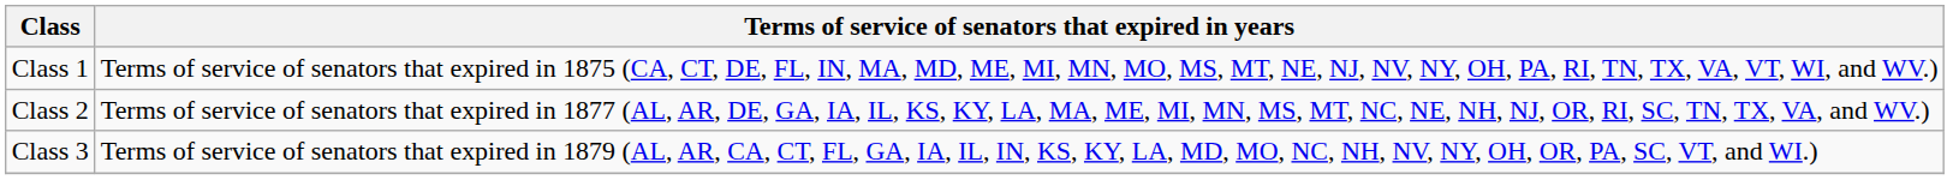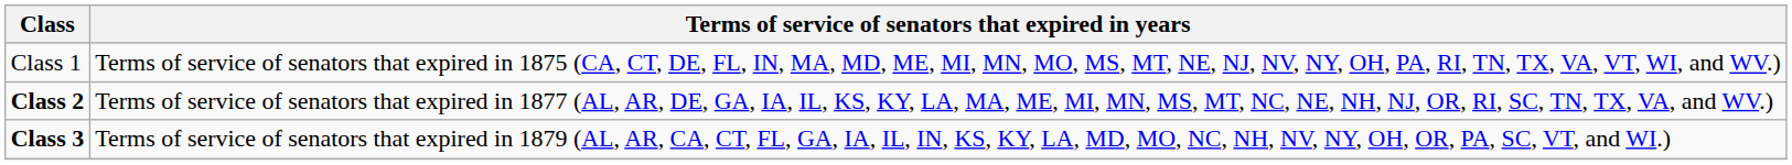 <table class="wikitable sortable">
 <tr valign=bottom>
 <th>Class</th>
 <th>Terms of service of senators that expired in years</th>
 </tr>
 <tr>
 <td>Class 1</td>
 <td>Terms of service of senators that expired in 1875 (<a href='#'>CA</a>, <a href='#'>CT</a>, <a href='#'>DE</a>, <a href='#'>FL</a>, <a href='#'>IN</a>, <a href='#'>MA</a>, <a href='#'>MD</a>, <a href='#'>ME</a>,  <a href='#'>MI</a>, <a href='#'>MN</a>, <a href='#'>MO</a>, <a href='#'>MS</a>, <a href='#'>MT</a>, <a href='#'>NE</a>, <a href='#'>NJ</a>, <a href='#'>NV</a>, <a href='#'>NY</a>, <a href='#'>OH</a>, <a href='#'>PA</a>, <a href='#'>RI</a>, <a href='#'>TN</a>, <a href='#'>TX</a>, <a href='#'>VA</a>, <a href='#'>VT</a>, <a href='#'>WI</a>, and <a href='#'>WV</a>.)</td>
 </tr>
 <tr>
-<td>Class 2</td>
+<td><strong>Class 2</strong></td>
 <td>Terms of service of senators that expired in 1877 (<a href='#'>AL</a>, <a href='#'>AR</a>, <a href='#'>DE</a>, <a href='#'>GA</a>, <a href='#'>IA</a>, <a href='#'>IL</a>, <a href='#'>KS</a>, <a href='#'>KY</a>, <a href='#'>LA</a>, <a href='#'>MA</a>, <a href='#'>ME</a>, <a href='#'>MI</a>, <a href='#'>MN</a>, <a href='#'>MS</a>, <a href='#'>MT</a>, <a href='#'>NC</a>, <a href='#'>NE</a>, <a href='#'>NH</a>, <a href='#'>NJ</a>, <a href='#'>OR</a>, <a href='#'>RI</a>, <a href='#'>SC</a>, <a href='#'>TN</a>, <a href='#'>TX</a>, <a href='#'>VA</a>, and <a href='#'>WV</a>.)</td>
 </tr>
 <tr>
-<td>Class 3</td>
+<td><strong>Class 3</strong></td>
 <td>Terms of service of senators that expired in 1879 (<a href='#'>AL</a>, <a href='#'>AR</a>, <a href='#'>CA</a>, <a href='#'>CT</a>, <a href='#'>FL</a>, <a href='#'>GA</a>, <a href='#'>IA</a>, <a href='#'>IL</a>, <a href='#'>IN</a>, <a href='#'>KS</a>, <a href='#'>KY</a>, <a href='#'>LA</a>, <a href='#'>MD</a>, <a href='#'>MO</a>, <a href='#'>NC</a>, <a href='#'>NH</a>, <a href='#'>NV</a>, <a href='#'>NY</a>, <a href='#'>OH</a>, <a href='#'>OR</a>, <a href='#'>PA</a>, <a href='#'>SC</a>, <a href='#'>VT</a>, and <a href='#'>WI</a>.)</td>
 </tr>
 <tr>
 </tr>
 </table>
